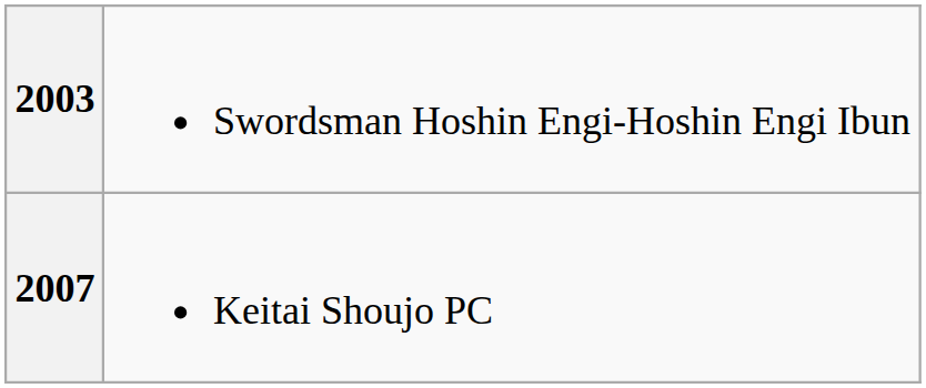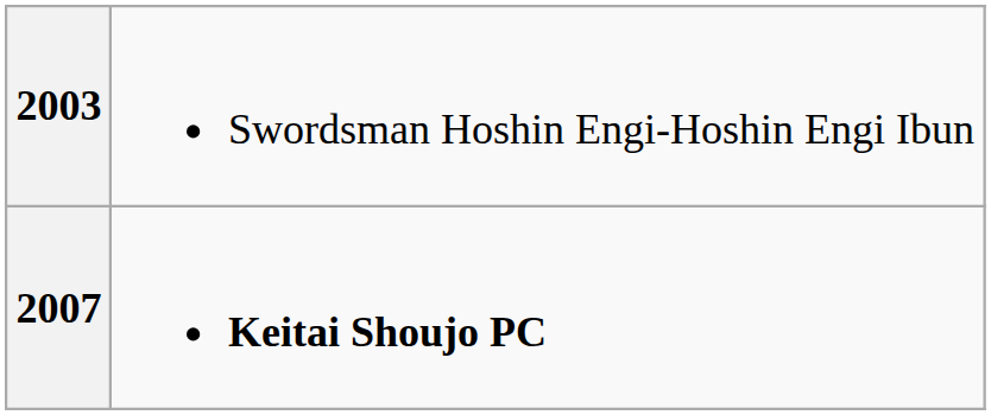 <table class="wikitable">
 <tr>
 <th>2003</th>
 <td><br><ul><li>Swordsman Hoshin Engi-Hoshin Engi Ibun</li></ul></td>
 </tr>
 <tr>
 <th>2007</th>
-<td><br><ul><li>Keitai Shoujo PC</li></ul></td>
+<td><strong><br><ul><li>Keitai Shoujo PC</li></ul></strong></td>
 </tr>
 </table>
